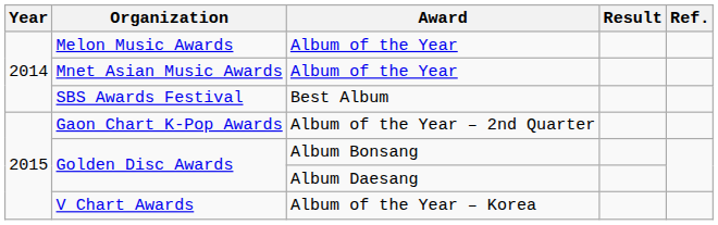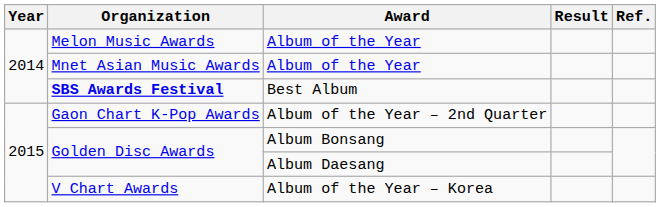 <table class="wikitable plainrowheaders">
 <tr>
 <th scope="col">Year</th>
 <th scope="col">Organization</th>
 <th scope="col">Award</th>
 <th scope="col">Result</th>
 <th>Ref.</th>
 </tr>
 <tr>
 <td rowspan="3">2014</td>
 <td><a href='#'>Melon Music Awards</a></td>
 <td><a href='#'>Album of the Year</a></td>
 <td></td>
 <td></td>
 </tr>
 <tr>
 <td><a href='#'>Mnet Asian Music Awards</a></td>
 <td><a href='#'>Album of the Year</a></td>
 <td></td>
 <td align="center"></td>
 </tr>
 <tr>
-<td><a href='#'>SBS Awards Festival</a></td>
+<td><strong><a href='#'>SBS Awards Festival</a></strong></td>
 <td>Best Album</td>
 <td></td>
 <td align="center"></td>
 </tr>
 <tr>
 <td rowspan="4">2015</td>
 <td><a href='#'>Gaon Chart K-Pop Awards</a></td>
 <td>Album of the Year – 2nd Quarter</td>
 <td></td>
 <td align="center"></td>
 </tr>
 <tr>
 <td rowspan="2"><a href='#'>Golden Disc Awards</a></td>
 <td>Album Bonsang</td>
 <td></td>
 <td align="center" rowspan="2"></td>
 </tr>
 <tr>
 <td>Album Daesang</td>
 <td></td>
 </tr>
 <tr>
 <td><a href='#'>V Chart Awards</a></td>
 <td>Album of the Year – Korea</td>
 <td></td>
 <td align="center"></td>
 </tr>
 </table>
